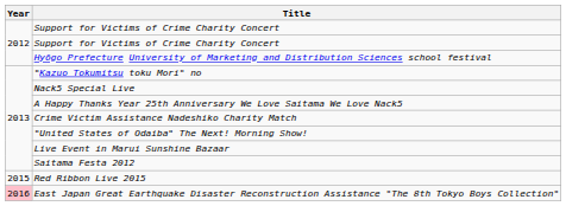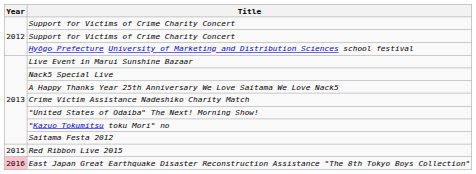 <table class="wikitable">
 <tr>
 <th>Year</th>
 <th>Title</th>
 </tr>
 <tr>
 <td rowspan="3">2012</td>
 <td><em>Support for Victims of Crime Charity Concert</em></td>
 </tr>
 <tr>
 <td><em>Support for Victims of Crime Charity Concert</em></td>
 </tr>
 <tr>
 <td><em><a href='#'>Hyōgo Prefecture</a> <a href='#'>University of Marketing and Distribution Sciences</a> school festival</em></td>
 </tr>
 <tr>
 <td rowspan="7">2013</td>
-<td><em>"<a href='#'>Kazuo Tokumitsu</a> toku Mori" no </em></td>
+<td><em>Live Event in Marui Sunshine Bazaar</em></td>
 </tr>
 <tr>
 <td><em>Nack5 Special Live</em></td>
 </tr>
 <tr>
 <td><em>A Happy Thanks Year 25th Anniversary We Love Saitama We Love Nack5</em></td>
 </tr>
 <tr>
 <td><em>Crime Victim Assistance Nadeshiko Charity Match</em></td>
 </tr>
 <tr>
 <td><em>"United States of Odaiba" The Next! Morning Show!</em></td>
 </tr>
 <tr>
-<td><em>Live Event in Marui Sunshine Bazaar</em></td>
+<td><em>"<a href='#'>Kazuo Tokumitsu</a> toku Mori" no </em></td>
 </tr>
 <tr>
 <td><em>Saitama Festa 2012</em></td>
 </tr>
 <tr>
 <td>2015</td>
 <td><em>Red Ribbon Live 2015</em></td>
 </tr>
 <tr>
 <td style="background: pink;">2016</td>
 <td><em>East Japan Great Earthquake Disaster Reconstruction Assistance "The 8th Tokyo Boys Collection"</em></td>
 </tr>
 </table>
